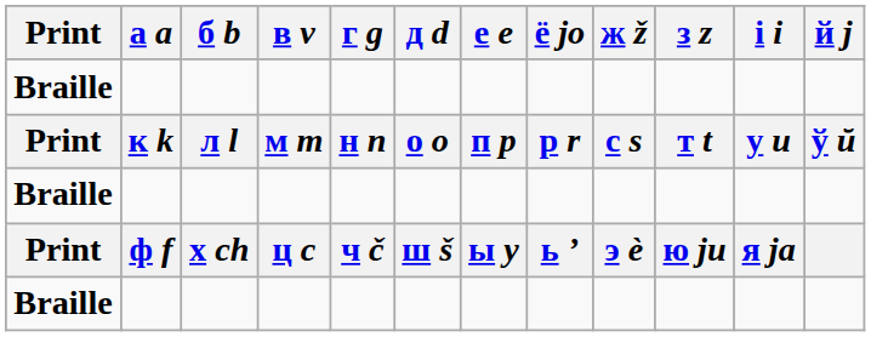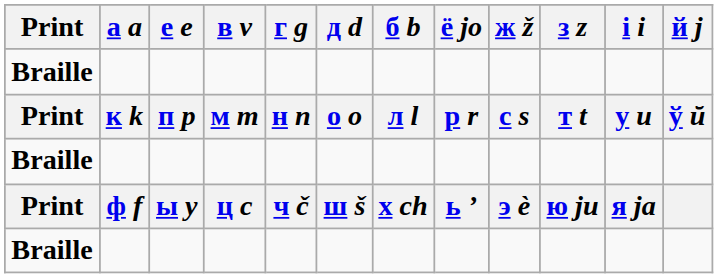 <table class="wikitable" style="text-align:center">
 <tr>
 <th><strong>Print</strong></th>
 <th><a href='#'>а</a> <em>a</em></th>
-<th><a href='#'>б</a> <em>b</em></th>
+<th><a href='#'>е</a> <em>e</em></th>
 <th><a href='#'>в</a> <em>v</em></th>
 <th><a href='#'>г</a> <em>g</em></th>
 <th><a href='#'>д</a> <em>d</em></th>
-<th><a href='#'>е</a> <em>e</em></th>
+<th><a href='#'>б</a> <em>b</em></th>
 <th><a href='#'>ё</a> <em>jo</em></th>
 <th><a href='#'>ж</a> <em>ž</em></th>
 <th><a href='#'>з</a> <em>z</em></th>
 <th><a href='#'>і</a> <em>i</em></th>
 <th><a href='#'>й</a> <em>j</em></th>
 </tr>
 <tr>
 <td><strong>Braille</strong></td>
 <td></td>
 <td></td>
 <td></td>
 <td></td>
 <td></td>
 <td></td>
 <td></td>
 <td></td>
 <td></td>
 <td></td>
 <td></td>
 </tr>
 <tr>
 <th><strong>Print</strong></th>
 <th><a href='#'>к</a> <em>k</em></th>
-<th><a href='#'>л</a> <em>l</em></th>
+<th><a href='#'>п</a> <em>p</em></th>
 <th><a href='#'>м</a> <em>m</em></th>
 <th><a href='#'>н</a> <em>n</em></th>
 <th><a href='#'>о</a> <em>o</em></th>
-<th><a href='#'>п</a> <em>p</em></th>
+<th><a href='#'>л</a> <em>l</em></th>
 <th><a href='#'>р</a> <em>r</em></th>
 <th><a href='#'>с</a> <em>s</em></th>
 <th><a href='#'>т</a> <em>t</em></th>
 <th><a href='#'>у</a> <em>u</em></th>
 <th><a href='#'>ў</a> <em>ŭ</em></th>
 </tr>
 <tr>
 <td><strong>Braille</strong></td>
 <td></td>
 <td></td>
 <td></td>
 <td></td>
 <td></td>
 <td></td>
 <td></td>
 <td></td>
 <td></td>
 <td></td>
 <td></td>
 </tr>
 <tr>
 <th><strong>Print</strong></th>
 <th><a href='#'>ф</a> <em>f</em></th>
-<th><a href='#'>х</a> <em>ch</em></th>
+<th><a href='#'>ы</a> <em>y</em></th>
 <th><a href='#'>ц</a> <em>c</em></th>
 <th><a href='#'>ч</a> <em>č</em></th>
 <th><a href='#'>ш</a> <em>š</em></th>
-<th><a href='#'>ы</a> <em>y</em></th>
+<th><a href='#'>х</a> <em>ch</em></th>
 <th><a href='#'>ь</a> <em>’</em></th>
 <th><a href='#'>э</a> <em>è</em></th>
 <th><a href='#'>ю</a> <em>ju</em></th>
 <th><a href='#'>я</a> <em>ja</em></th>
 <th> </th>
 </tr>
 <tr>
 <td><strong>Braille</strong></td>
 <td></td>
 <td></td>
 <td></td>
 <td></td>
 <td></td>
 <td></td>
 <td></td>
 <td></td>
 <td></td>
 <td></td>
 <td></td>
 </tr>
 </table>
